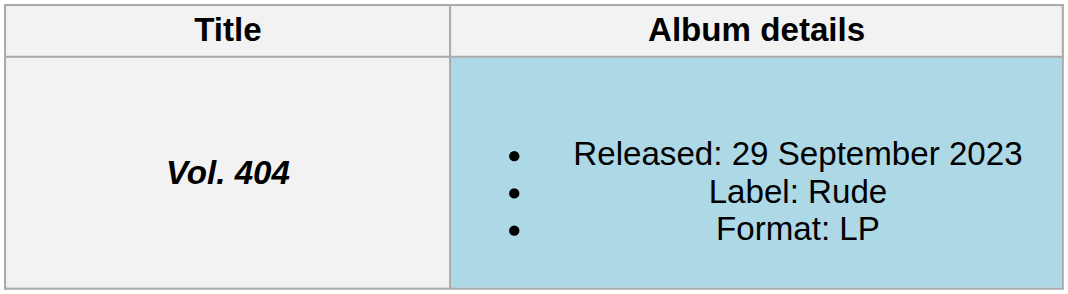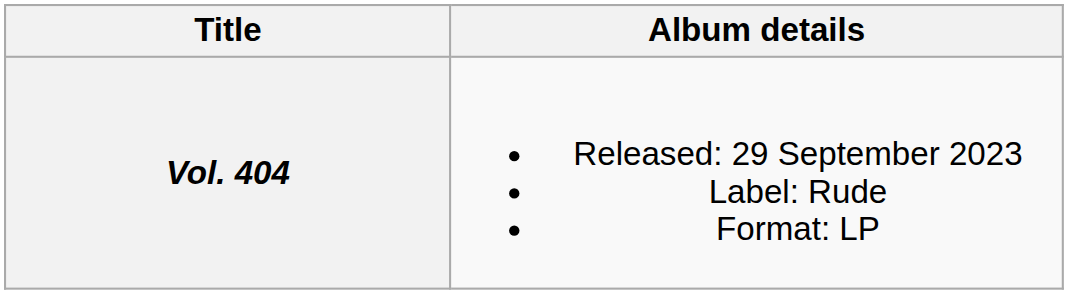 <table class="wikitable plainrowheaders" style="text-align:center;" border="1">
 <tr>
 <th scope="col" style="width:13em;">Title</th>
 <th scope="col" style="width:18em;">Album details</th>
 </tr>
 <tr>
 <th scope="row"><em>Vol. 404</em></th>
-<td style="background: lightblue;"><br><ul><li>Released: 29 September 2023</li><li>Label: Rude</li><li>Format: LP</li></ul></td>
+<td><br><ul><li>Released: 29 September 2023</li><li>Label: Rude</li><li>Format: LP</li></ul></td>
 </tr>
 </table>
